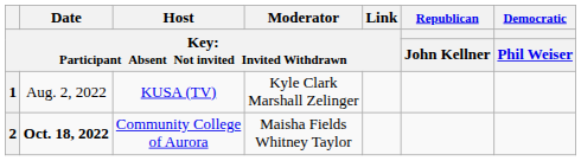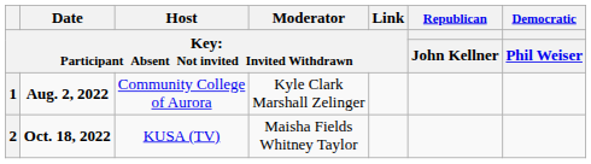 <table class="wikitable" style="text-align:center;">
 <tr>
 <th scope="col"></th>
 <th scope="col">Date</th>
 <th scope="col">Host</th>
 <th scope="col">Moderator</th>
 <th scope="col">Link</th>
 <th scope="col"><small><a href='#'>Republican</a></small></th>
 <th scope="col"><small><a href='#'>Democratic</a></small></th>
 </tr>
 <tr>
 <th colspan="5" rowspan="2">Key:<br> <small>Participant </small>  <small>Absent </small>  <small>Not invited </small>  <small>Invited  Withdrawn</small></th>
 <th scope="col" style="background:"></th>
 <th scope="col" style="background:"></th>
 </tr>
 <tr>
 <th scope="col">John Kellner</th>
 <th scope="col"><a href='#'>Phil Weiser</a></th>
 </tr>
 <tr>
 <th>1</th>
-<td style="white-space:nowrap;">Aug. 2, 2022</td>
-<td style="white-space:nowrap;"><a href='#'>KUSA (TV)</a></td>
+<td style="white-space:nowrap;"><strong>Aug. 2, 2022</strong></td>
+<td style="white-space:nowrap;"><a href='#'>Community College</a><br><a href='#'>of Aurora</a></td>
 <td style="white-space:nowrap;">Kyle Clark<br>Marshall Zelinger</td>
 <td style="white-space:nowrap;"></td>
 <td></td>
 <td></td>
 </tr>
 <tr>
 <th>2</th>
 <td style="white-space:nowrap;"><strong>Oct. 18, 2022</strong></td>
-<td style="white-space:nowrap;"><a href='#'>Community College</a><br><a href='#'>of Aurora</a></td>
+<td style="white-space:nowrap;"><a href='#'>KUSA (TV)</a></td>
 <td style="white-space:nowrap;">Maisha Fields<br>Whitney Taylor</td>
 <td style="white-space:nowrap;"></td>
 <td></td>
 <td></td>
 </tr>
 </table>
